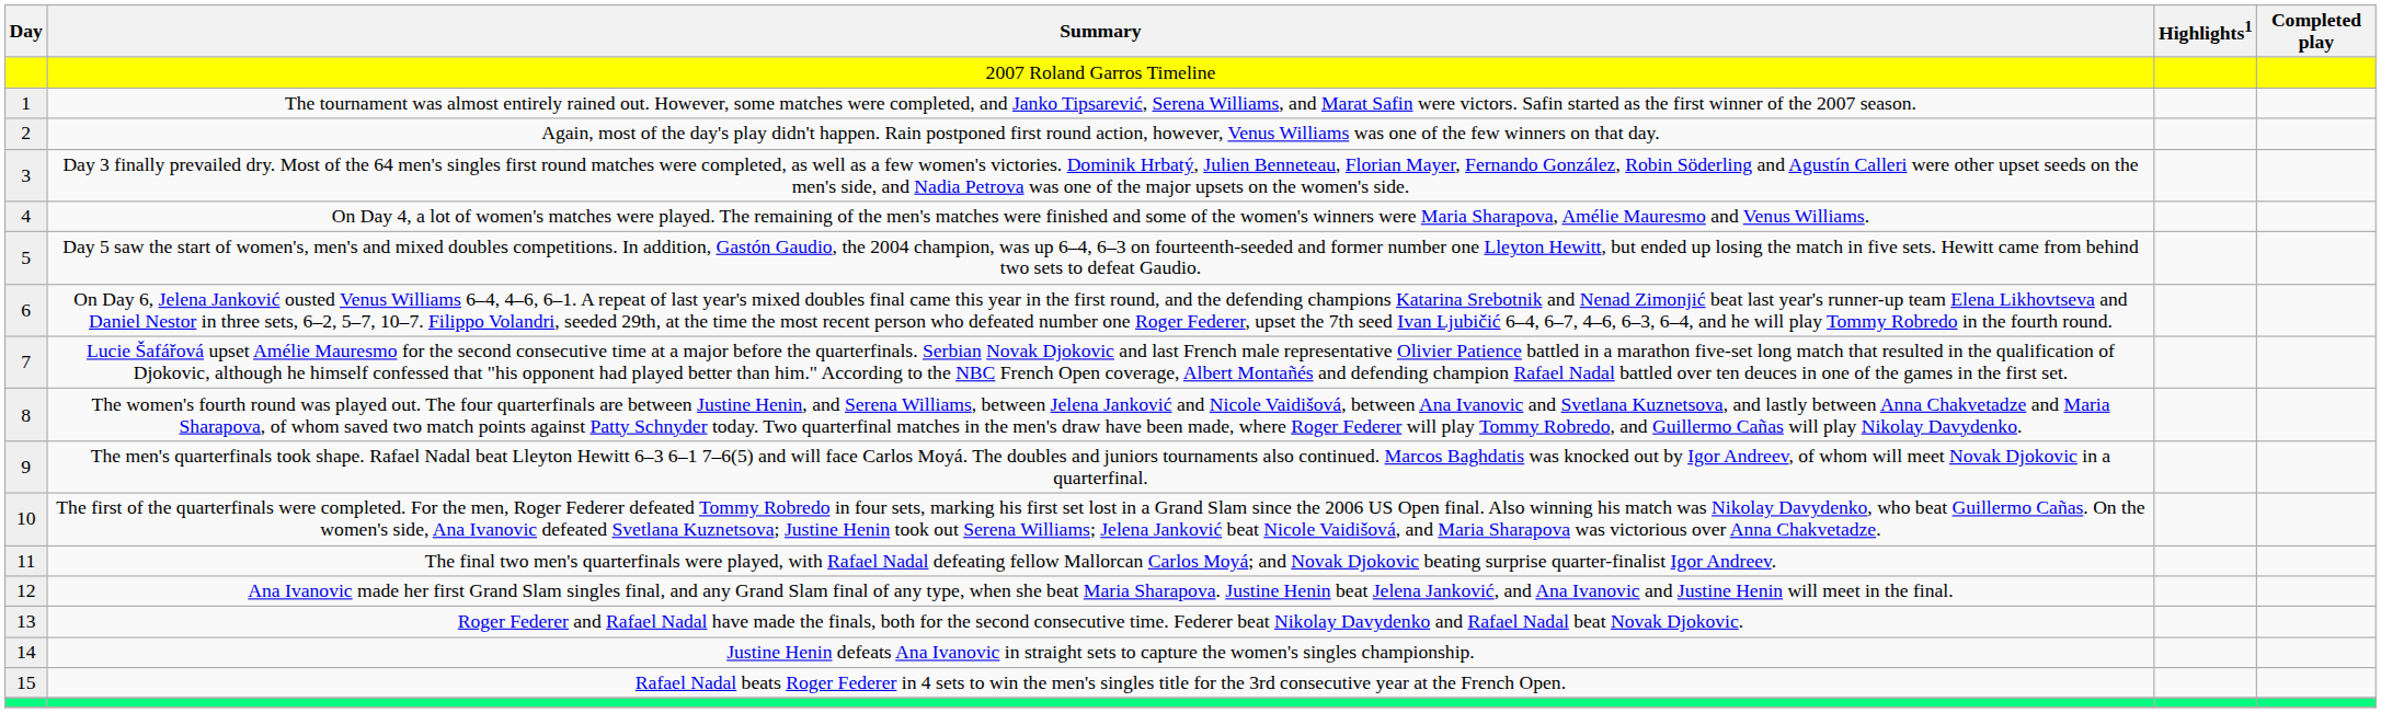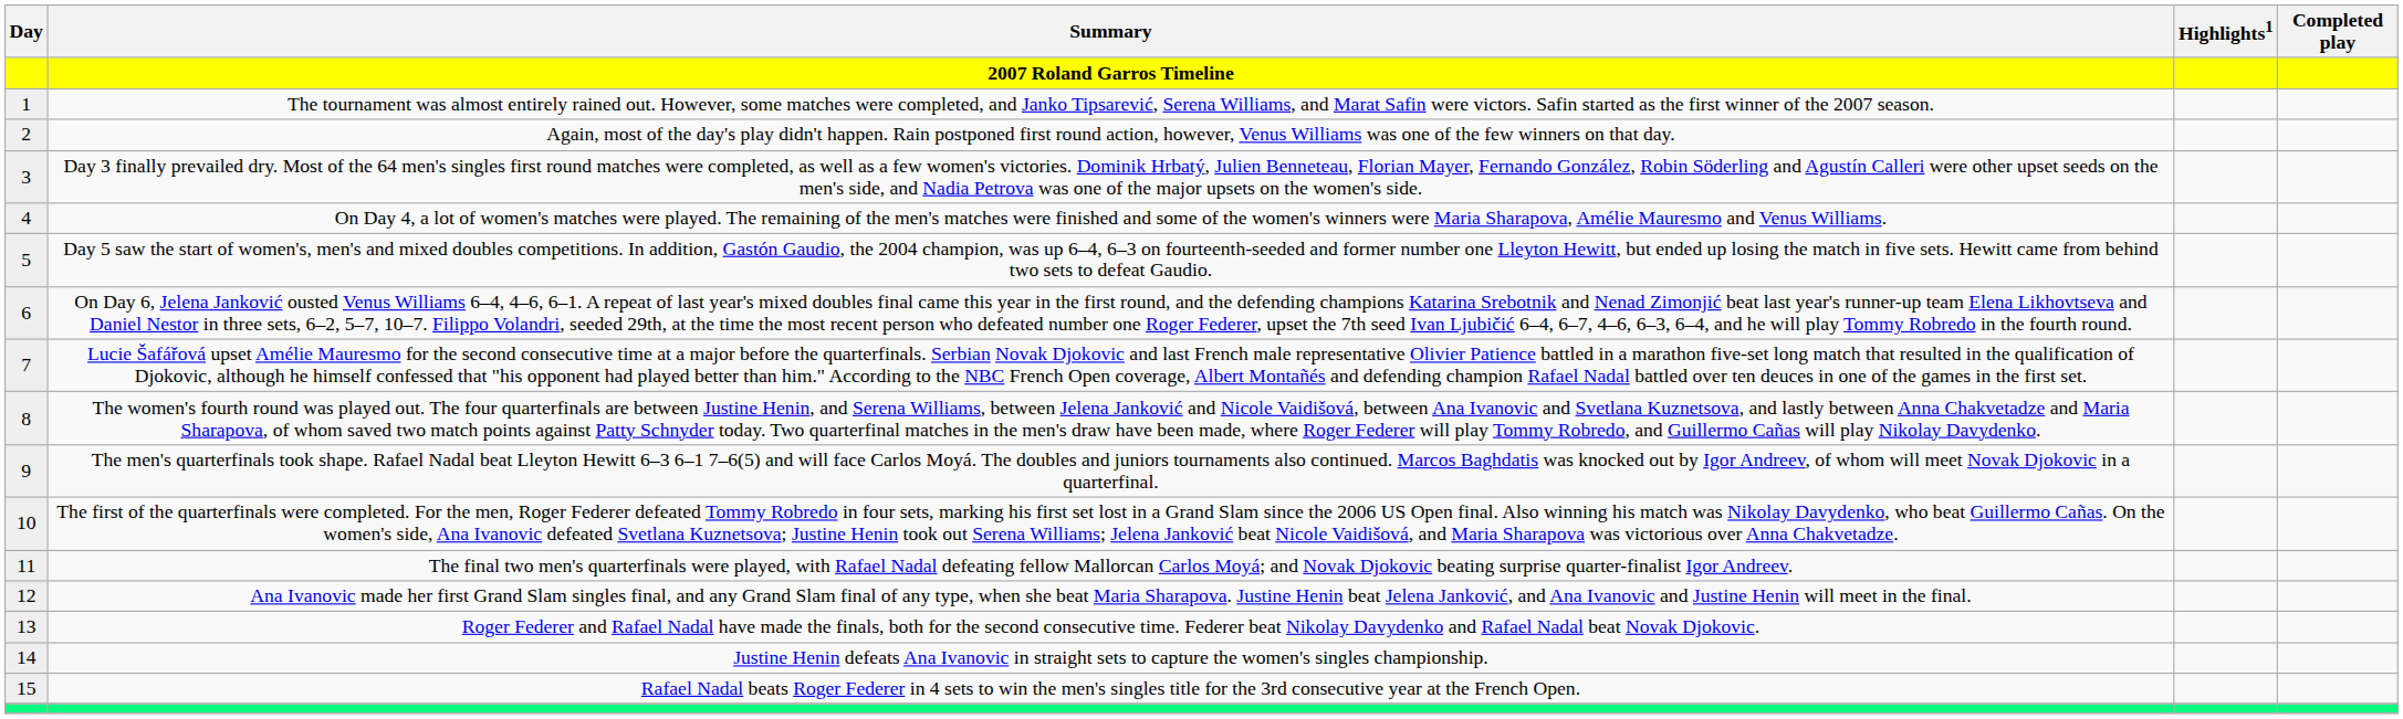 <table class="wikitable">
 <tr>
 <th>Day</th>
 <th>Summary</th>
 <th>Highlights<sup>1</sup></th>
 <th>Completed play</th>
 </tr>
 <tr bgcolor="#FFFF00">
 <td align="center"></td>
-<td align="center">2007 Roland Garros Timeline</td>
+<td align="center"><strong>2007 Roland Garros Timeline</strong></td>
 <td align="center"></td>
 <td align="center"></td>
 </tr>
 <tr>
 <td align="center" style="background:#EFEFEF;">1</td>
 <td align="center">The tournament was almost entirely rained out. However, some matches were completed, and <a href='#'>Janko Tipsarević</a>, <a href='#'>Serena Williams</a>, and <a href='#'>Marat Safin</a> were victors. Safin started as the first winner of the 2007 season.</td>
 <td align="center"></td>
 <td align="center"></td>
 </tr>
 <tr>
 <td align="center" style="background:#EFEFEF;">2</td>
 <td align="center">Again, most of the day's play didn't happen. Rain postponed first round action, however, <a href='#'>Venus Williams</a> was one of the few winners on that day.</td>
 <td align="center"></td>
 <td align="center"></td>
 </tr>
 <tr>
 <td align="center" style="background:#EFEFEF;">3</td>
 <td align="center">Day 3 finally prevailed dry. Most of the 64 men's singles first round matches were completed, as well as a few women's victories. <a href='#'>Dominik Hrbatý</a>, <a href='#'>Julien Benneteau</a>, <a href='#'>Florian Mayer</a>, <a href='#'>Fernando González</a>, <a href='#'>Robin Söderling</a> and <a href='#'>Agustín Calleri</a> were other upset seeds on the men's side, and <a href='#'>Nadia Petrova</a> was one of the major upsets on the women's side.</td>
 <td align="center"></td>
 <td align="center"></td>
 </tr>
 <tr>
 <td align="center" style="background:#EFEFEF;">4</td>
 <td align="center">On Day 4, a lot of women's matches were played. The remaining of the men's matches were finished and some of the women's winners were <a href='#'>Maria Sharapova</a>, <a href='#'>Amélie Mauresmo</a> and <a href='#'>Venus Williams</a>.</td>
 <td align="center"></td>
 <td align="center"></td>
 </tr>
 <tr>
 <td align="center" style="background:#EFEFEF;">5</td>
 <td align="center">Day 5 saw the start of women's, men's and mixed doubles competitions. In addition, <a href='#'>Gastón Gaudio</a>, the 2004 champion, was up 6–4, 6–3 on fourteenth-seeded and former number one <a href='#'>Lleyton Hewitt</a>, but ended up losing the match in five sets. Hewitt came from behind two sets to defeat Gaudio.</td>
 <td align="center"></td>
 <td align="center"></td>
 </tr>
 <tr>
 <td align="center" style="background:#EFEFEF;">6</td>
 <td align="center">On Day 6, <a href='#'>Jelena Janković</a> ousted <a href='#'>Venus Williams</a> 6–4, 4–6, 6–1. A repeat of last year's mixed doubles final came this year in the first round, and the defending champions <a href='#'>Katarina Srebotnik</a> and <a href='#'>Nenad Zimonjić</a> beat last year's runner-up team <a href='#'>Elena Likhovtseva</a> and <a href='#'>Daniel Nestor</a> in three sets, 6–2, 5–7, 10–7. <a href='#'>Filippo Volandri</a>, seeded 29th, at the time the most recent person who defeated number one <a href='#'>Roger Federer</a>, upset the 7th seed <a href='#'>Ivan Ljubičić</a> 6–4, 6–7, 4–6, 6–3, 6–4, and he will play <a href='#'>Tommy Robredo</a> in the fourth round.</td>
 <td align="center"></td>
 <td align="center"></td>
 </tr>
 <tr>
 <td align="center" style="background:#EFEFEF;">7</td>
 <td align="center"><a href='#'>Lucie Šafářová</a> upset <a href='#'>Amélie Mauresmo</a> for the second consecutive time at a major before the quarterfinals. <a href='#'>Serbian</a> <a href='#'>Novak Djokovic</a> and last French male representative <a href='#'>Olivier Patience</a> battled in a marathon five-set long match that resulted in the qualification of Djokovic, although he himself confessed that "his opponent had played better than him." According to the <a href='#'>NBC</a> French Open coverage, <a href='#'>Albert Montañés</a> and defending champion <a href='#'>Rafael Nadal</a> battled over ten deuces in one of the games in the first set.</td>
 <td align="center"></td>
 <td align="center"></td>
 </tr>
 <tr>
 <td align="center" style="background:#EFEFEF;">8</td>
 <td align="center">The women's fourth round was played out. The four quarterfinals are between <a href='#'>Justine Henin</a>, and <a href='#'>Serena Williams</a>, between <a href='#'>Jelena Janković</a> and <a href='#'>Nicole Vaidišová</a>, between <a href='#'>Ana Ivanovic</a> and <a href='#'>Svetlana Kuznetsova</a>, and lastly between <a href='#'>Anna Chakvetadze</a> and <a href='#'>Maria Sharapova</a>, of whom saved two match points against <a href='#'>Patty Schnyder</a> today. Two quarterfinal matches in the men's draw have been made, where <a href='#'>Roger Federer</a> will play <a href='#'>Tommy Robredo</a>, and <a href='#'>Guillermo Cañas</a> will play <a href='#'>Nikolay Davydenko</a>.</td>
 <td align="center"></td>
 <td align="center"></td>
 </tr>
 <tr>
 <td align="center" style="background:#EFEFEF;">9</td>
 <td align="center">The men's quarterfinals took shape. Rafael Nadal beat Lleyton Hewitt 6–3 6–1 7–6(5) and will face Carlos Moyá. The doubles and juniors tournaments also continued. <a href='#'>Marcos Baghdatis</a> was knocked out by <a href='#'>Igor Andreev</a>, of whom will meet <a href='#'>Novak Djokovic</a> in a quarterfinal.</td>
 <td align="center"></td>
 <td align="center"></td>
 </tr>
 <tr>
 <td align="center" style="background:#EFEFEF;">10</td>
 <td align="center">The first of the quarterfinals were completed. For the men, Roger Federer defeated <a href='#'>Tommy Robredo</a> in four sets, marking his first set lost in a Grand Slam since the 2006 US Open final. Also winning his match was <a href='#'>Nikolay Davydenko</a>, who beat <a href='#'>Guillermo Cañas</a>. On the women's side, <a href='#'>Ana Ivanovic</a> defeated <a href='#'>Svetlana Kuznetsova</a>; <a href='#'>Justine Henin</a> took out <a href='#'>Serena Williams</a>; <a href='#'>Jelena Janković</a> beat <a href='#'>Nicole Vaidišová</a>, and <a href='#'>Maria Sharapova</a> was victorious over <a href='#'>Anna Chakvetadze</a>.</td>
 <td align="center"></td>
 <td align="center"></td>
 </tr>
 <tr>
 <td align="center" style="background:#EFEFEF;">11</td>
 <td align="center">The final two men's quarterfinals were played, with <a href='#'>Rafael Nadal</a> defeating fellow Mallorcan <a href='#'>Carlos Moyá</a>; and <a href='#'>Novak Djokovic</a> beating surprise quarter-finalist <a href='#'>Igor Andreev</a>.</td>
 <td align="center"></td>
 <td align="center"></td>
 </tr>
 <tr>
 <td align="center" style="background:#EFEFEF;">12</td>
 <td align="center"><a href='#'>Ana Ivanovic</a> made her first Grand Slam singles final, and any Grand Slam final of any type, when she beat <a href='#'>Maria Sharapova</a>. <a href='#'>Justine Henin</a> beat <a href='#'>Jelena Janković</a>, and <a href='#'>Ana Ivanovic</a> and <a href='#'>Justine Henin</a> will meet in the final.</td>
 <td align="center"></td>
 <td align="center"></td>
 </tr>
 <tr>
 <td align="center" style="background:#EFEFEF;">13</td>
 <td align="center"><a href='#'>Roger Federer</a> and <a href='#'>Rafael Nadal</a> have made the finals, both for the second consecutive time. Federer beat <a href='#'>Nikolay Davydenko</a> and <a href='#'>Rafael Nadal</a> beat <a href='#'>Novak Djokovic</a>.</td>
 <td align="center"></td>
 <td align="center"></td>
 </tr>
 <tr>
 <td align="center" style="background:#EFEFEF;">14</td>
 <td align="center"><a href='#'>Justine Henin</a> defeats <a href='#'>Ana Ivanovic</a> in straight sets to capture the women's singles championship.</td>
 <td align="center"></td>
 <td align="center"></td>
 </tr>
 <tr>
 <td align="center" style="background:#EFEFEF;">15</td>
 <td align="center"><a href='#'>Rafael Nadal</a> beats <a href='#'>Roger Federer</a> in 4 sets to win the men's singles title for the 3rd consecutive year at the French Open.</td>
 <td align="center"></td>
 <td align="center"></td>
 </tr>
 <tr>
 </tr>
 <tr bgcolor="#00FF7F">
 <td align="center"></td>
 <td align="center"></td>
 <td align="center"></td>
 <td align="center"></td>
 </tr>
 <tr>
 </tr>
 </table>
